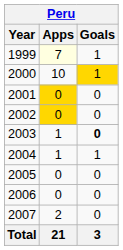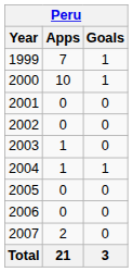 <table class="wikitable" style="text-align:center">
 <tr>
 <th colspan=3> <a href='#'>Peru</a></th>
 </tr>
 <tr>
 <th>Year</th>
 <th>Apps</th>
 <th>Goals</th>
 </tr>
 <tr>
 <td>1999</td>
-<td style="background: lightyellow;">7</td>
+<td>7</td>
 <td>1</td>
 </tr>
 <tr>
 <td>2000</td>
 <td>10</td>
-<td style="background: gold;">1</td>
+<td>1</td>
 </tr>
 <tr>
 <td>2001</td>
-<td style="background: gold;">0</td>
+<td>0</td>
 <td>0</td>
 </tr>
 <tr>
 <td>2002</td>
-<td style="background: gold;">0</td>
+<td>0</td>
 <td>0</td>
 </tr>
 <tr>
 <td>2003</td>
 <td>1</td>
-<td><strong>0</strong></td>
+<td>0</td>
 </tr>
 <tr>
 <td>2004</td>
 <td>1</td>
 <td>1</td>
 </tr>
 <tr>
 <td>2005</td>
 <td>0</td>
 <td>0</td>
 </tr>
 <tr>
 <td>2006</td>
 <td>0</td>
 <td>0</td>
 </tr>
 <tr>
 <td>2007</td>
 <td>2</td>
 <td>0</td>
 </tr>
 <tr>
 <th>Total</th>
 <th>21</th>
 <th>3</th>
 </tr>
 </table>
